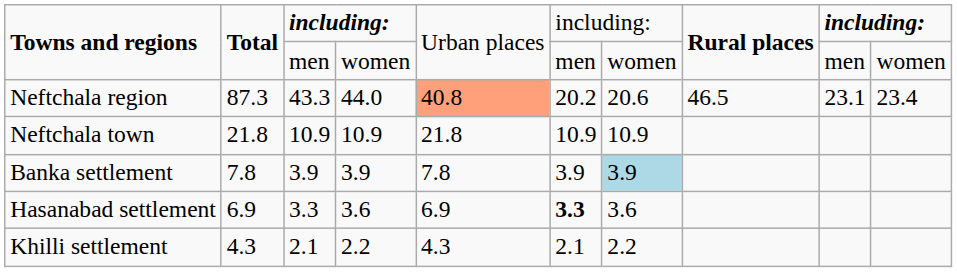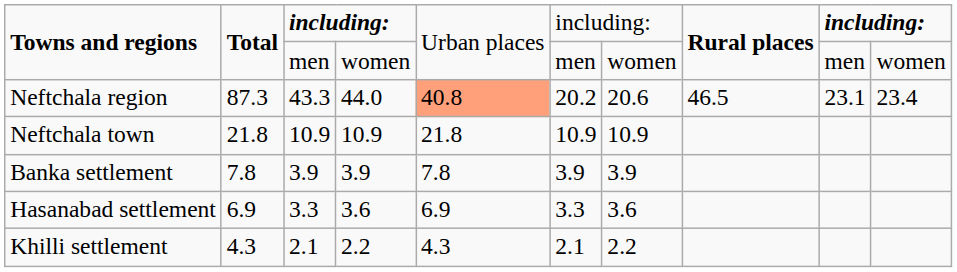 <table class="wikitable">
 <tr>
 <td rowspan="2"><strong>Towns  and regions</strong></td>
 <td rowspan="2"><strong>Total</strong></td>
 <td colspan="2"><strong><em>including<em>:<strong></td>
 <td rowspan="2"></strong>Urban  places<strong></td>
 <td colspan="2"></em></strong>including</em>:</strong></td>
 <td rowspan="2"><strong>Rural  places</strong></td>
 <td colspan="2"><strong><em>including<em>:<strong></td>
 </tr>
 <tr>
 <td></strong>men<strong></td>
 <td></strong>women<strong></td>
 <td></strong>men<strong></td>
 <td></strong>women<strong></td>
 <td></strong>men<strong></td>
 <td></strong>women<strong></td>
 </tr>
 <tr>
 <td>Neftchala  region</td>
 <td>87.3</td>
 <td>43.3</td>
 <td>44.0</td>
 <td style="background: lightsalmon;">40.8</td>
 <td>20.2</td>
 <td>20.6</td>
 <td>46.5</td>
 <td>23.1</td>
 <td>23.4</td>
 </tr>
 <tr>
 <td>Neftchala town</td>
 <td>21.8</td>
 <td>10.9</td>
 <td>10.9</td>
 <td>21.8</td>
 <td>10.9</td>
 <td>10.9</td>
 <td></td>
 <td></td>
 <td></td>
 </tr>
 <tr>
 <td>Banka settlement</td>
 <td>7.8</td>
 <td>3.9</td>
 <td>3.9</td>
 <td>7.8</td>
 <td>3.9</td>
-<td style="background: lightblue;">3.9</td>
+<td>3.9</td>
 <td></td>
 <td></td>
 <td></td>
 </tr>
 <tr>
 <td>Hasanabad settlement</td>
 <td>6.9</td>
 <td>3.3</td>
 <td>3.6</td>
 <td>6.9</td>
-<td><strong>3.3</strong></td>
+<td>3.3</td>
 <td>3.6</td>
 <td></td>
 <td></td>
 <td></td>
 </tr>
 <tr>
 <td>Khilli settlement</td>
 <td>4.3</td>
 <td>2.1</td>
 <td>2.2</td>
 <td>4.3</td>
 <td>2.1</td>
 <td>2.2</td>
 <td></td>
 <td></td>
 <td></td>
 </tr>
 </table>
